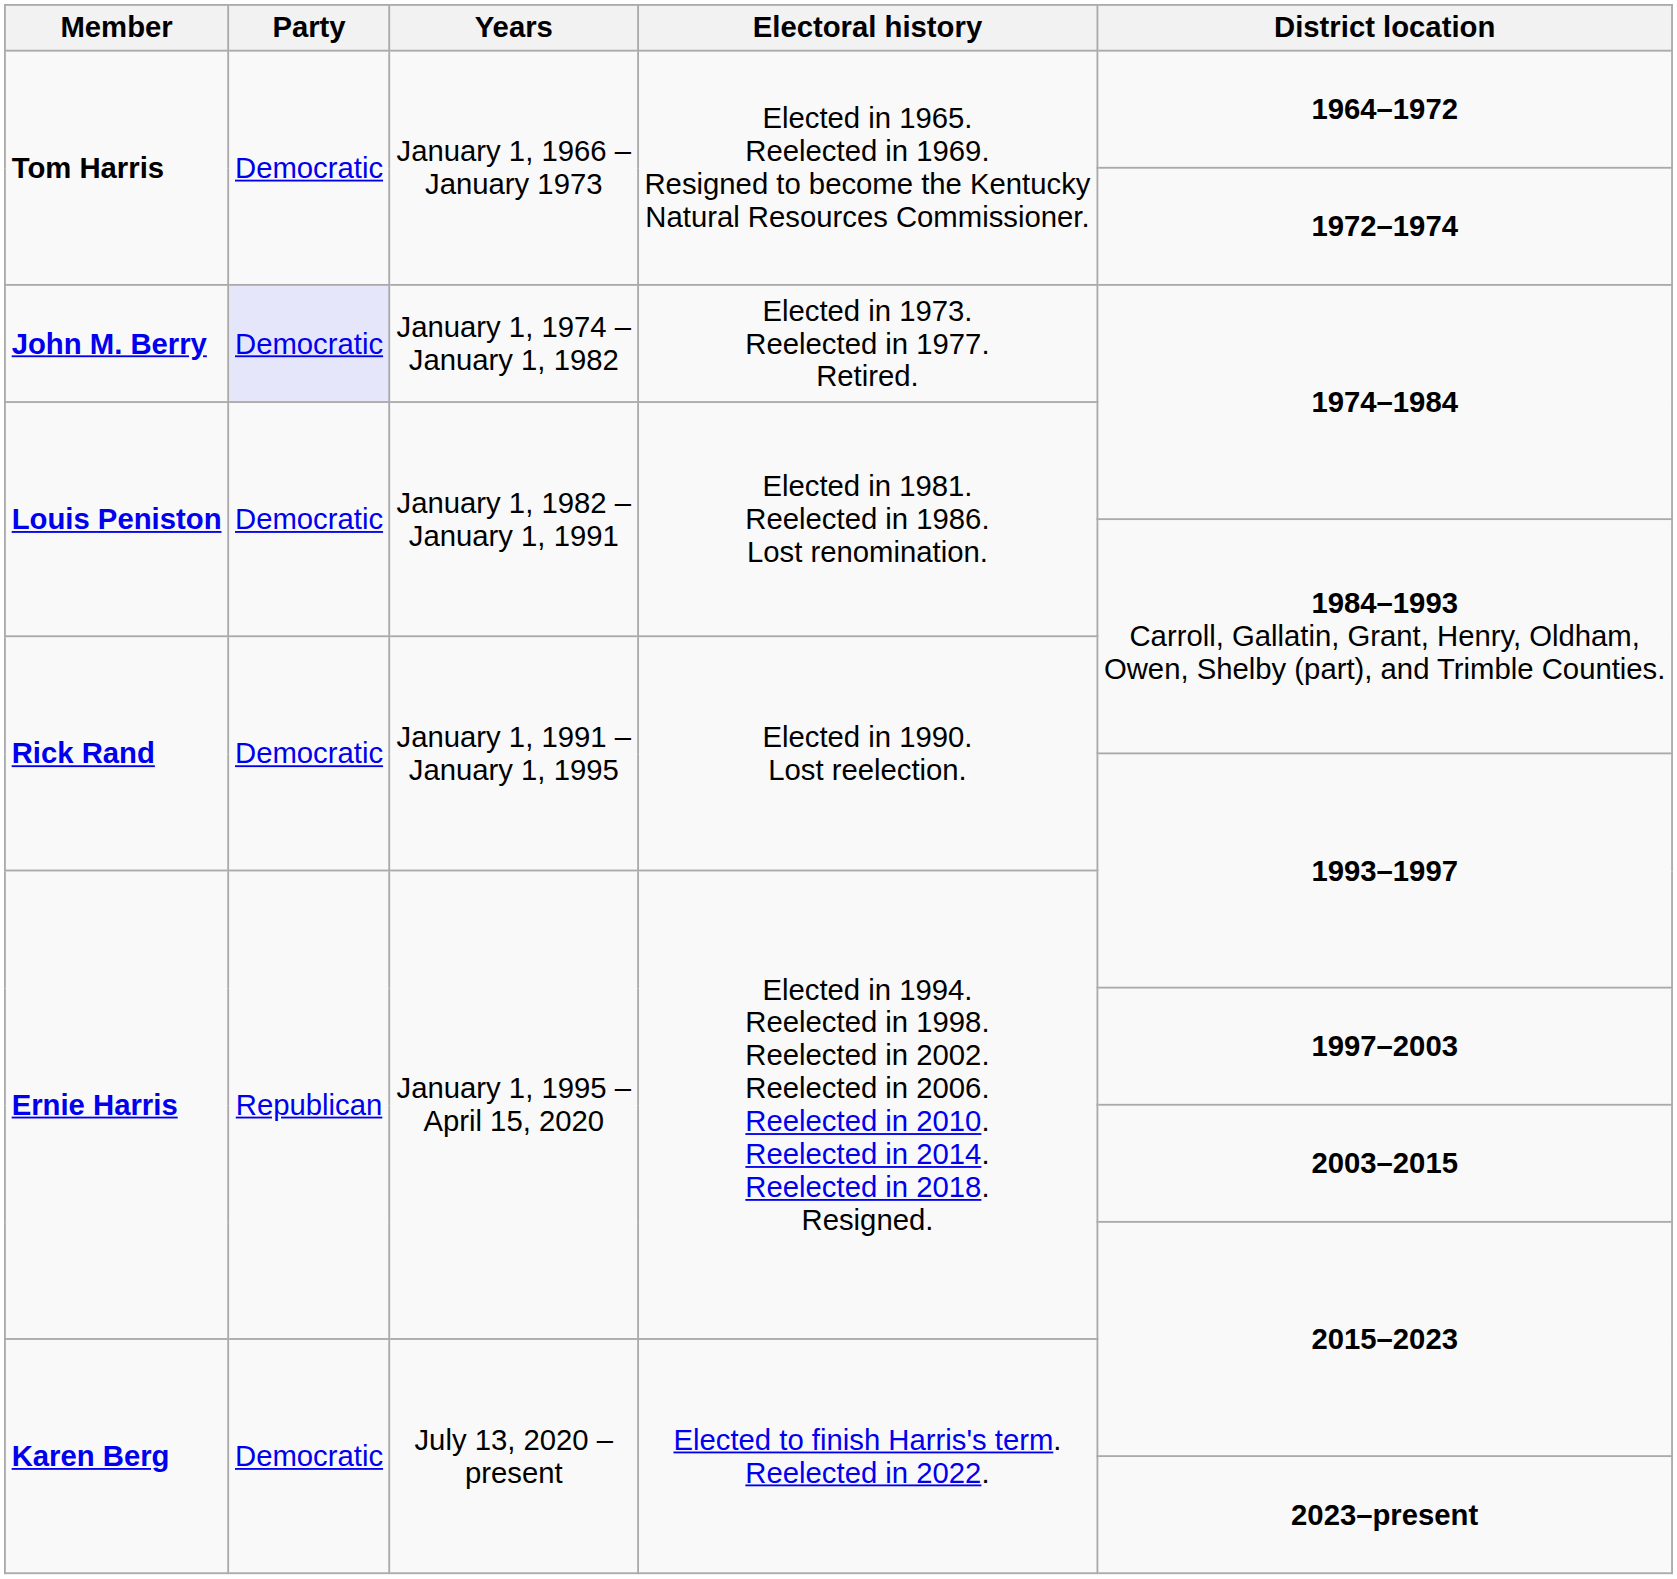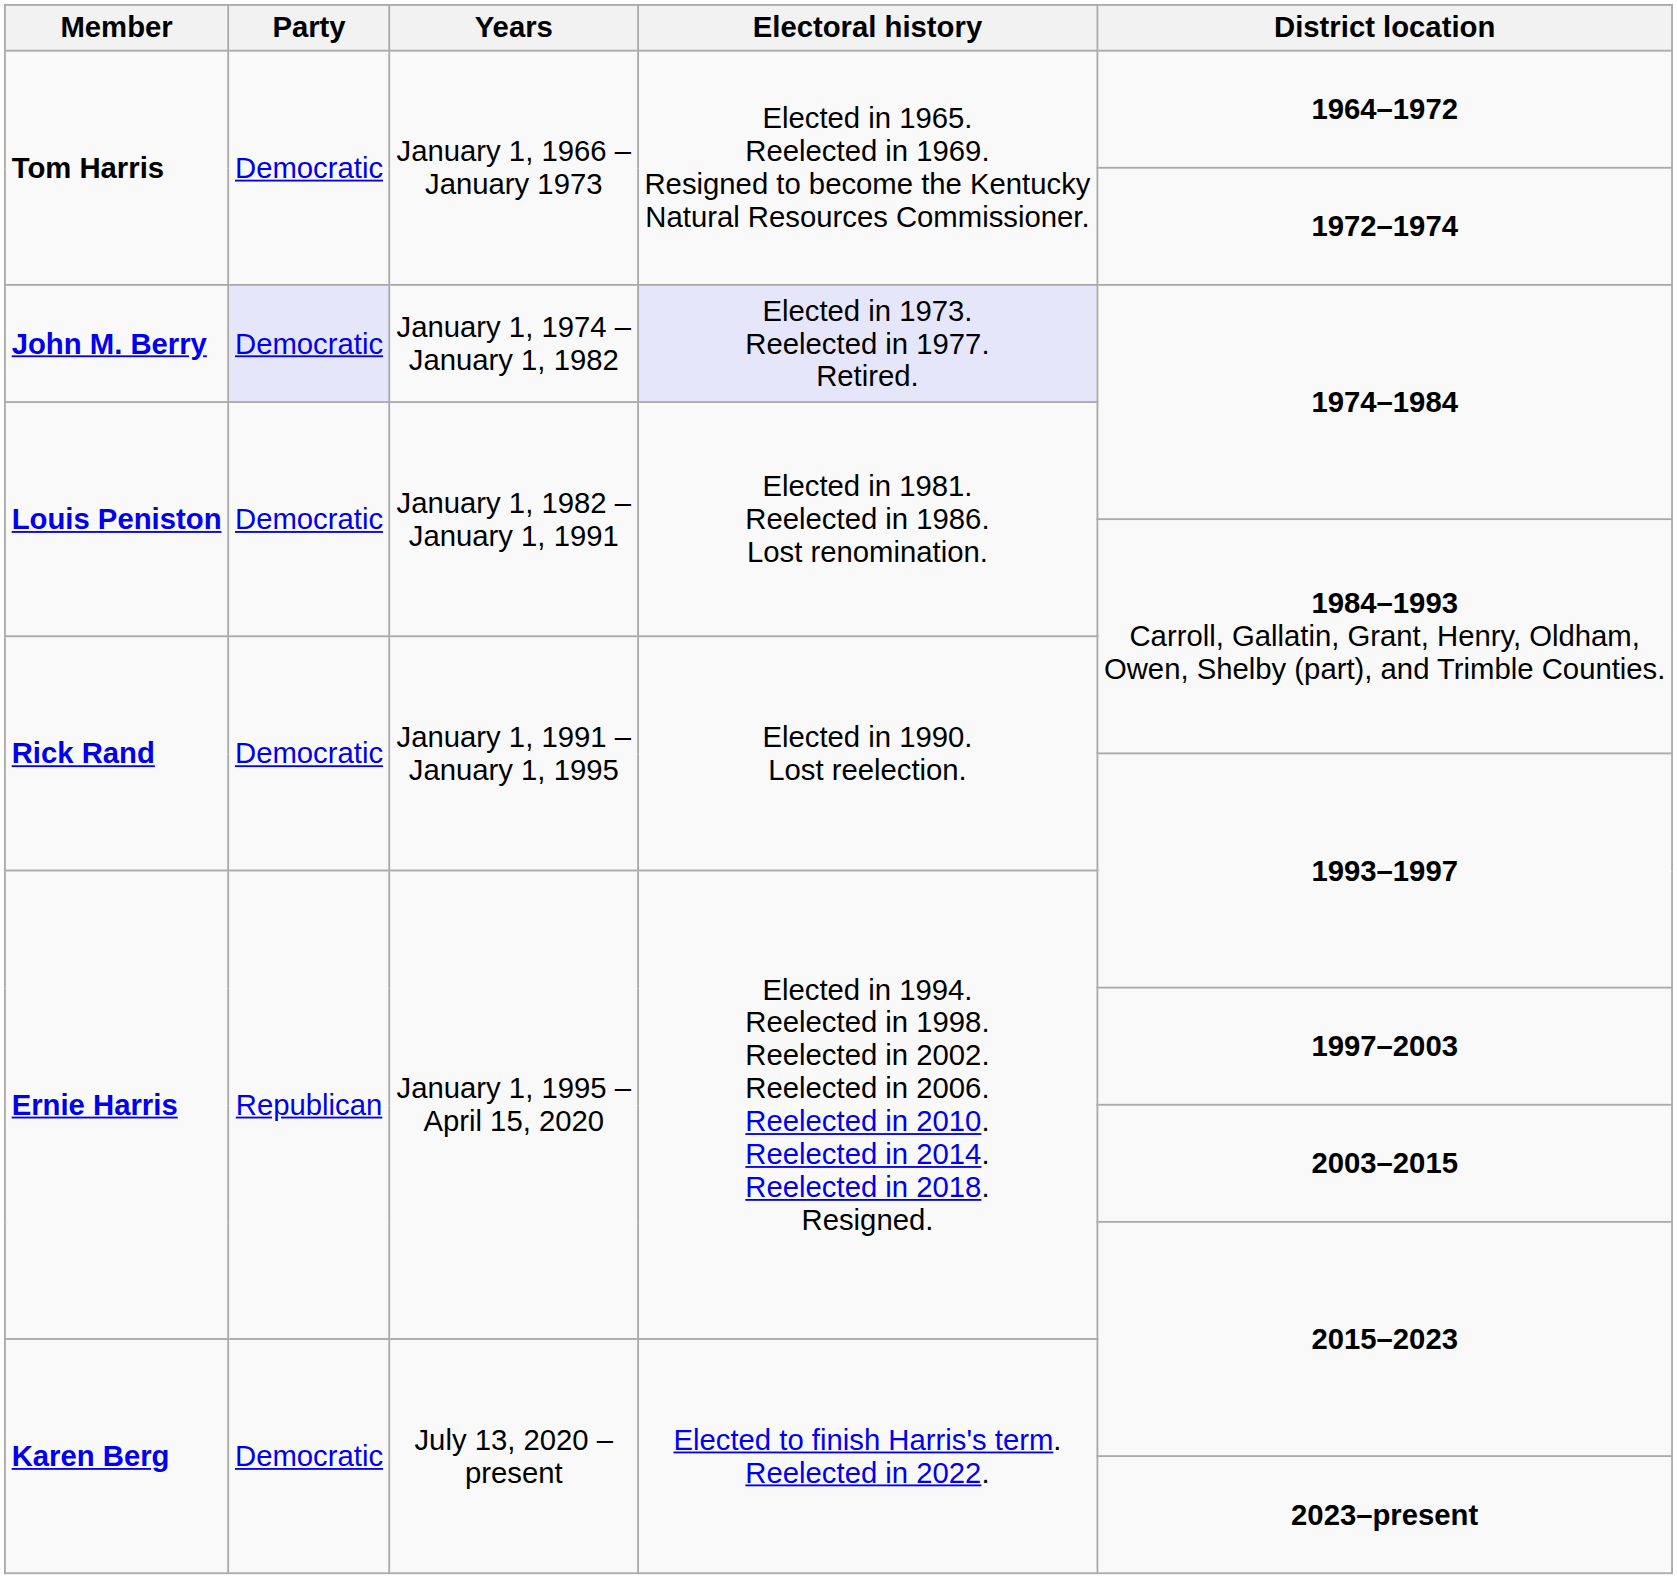 <table class=wikitable style="text-align:center">
 <tr>
 <th>Member</th>
 <th>Party</th>
 <th>Years</th>
 <th>Electoral history</th>
 <th>District location</th>
 </tr>
 <tr style="height:4em">
 <td rowspan=2 align=left><strong>Tom Harris</strong><br></td>
 <td rowspan=2 ><a href='#'>Democratic</a></td>
 <td rowspan=2 nowrap>January 1, 1966 –<br>January 1973</td>
 <td rowspan=2>Elected in 1965.<br>Reelected in 1969.<br>Resigned to become the Kentucky<br>Natural Resources Commissioner.</td>
 <td><strong>1964–1972</strong><br></td>
 </tr>
 <tr style="height:4em">
 <td><strong>1972–1974</strong><br></td>
 </tr>
 <tr style="height:4em">
 <td align=left><strong><a href='#'>John M. Berry</a></strong><br></td>
 <td style="background: lavender;"><a href='#'>Democratic</a></td>
 <td nowrap>January 1, 1974 –<br>January 1, 1982</td>
-<td>Elected in 1973.<br>Reelected in 1977.<br>Retired.</td>
+<td style="background: lavender;">Elected in 1973.<br>Reelected in 1977.<br>Retired.</td>
 <td rowspan=2><strong>1974–1984</strong><br></td>
 </tr>
 <tr style="height:4em">
 <td rowspan=2 align=left><strong><a href='#'>Louis Peniston</a></strong><br></td>
 <td rowspan=2 ><a href='#'>Democratic</a></td>
 <td rowspan=2 nowrap>January 1, 1982 –<br>January 1, 1991</td>
 <td rowspan=2>Elected in 1981.<br>Reelected in 1986.<br>Lost renomination.</td>
 </tr>
 <tr style="height:4em">
 <td rowspan=2><strong>1984–1993</strong><br>Carroll, Gallatin, Grant, Henry, Oldham,<br>Owen, Shelby (part), and Trimble Counties.</td>
 </tr>
 <tr style="height:4em">
 <td rowspan=2 align=left><strong><a href='#'>Rick Rand</a></strong><br></td>
 <td rowspan=2 ><a href='#'>Democratic</a></td>
 <td rowspan=2 nowrap>January 1, 1991 –<br>January 1, 1995</td>
 <td rowspan=2>Elected in 1990.<br>Lost reelection.</td>
 </tr>
 <tr style="height:4em">
 <td rowspan=2><strong>1993–1997</strong><br></td>
 </tr>
 <tr style="height:4em">
 <td rowspan=4 align=left><strong><a href='#'>Ernie Harris</a></strong><br></td>
 <td rowspan=4 ><a href='#'>Republican</a></td>
 <td rowspan=4 nowrap>January 1, 1995 –<br>April 15, 2020</td>
 <td rowspan=4>Elected in 1994.<br>Reelected in 1998.<br>Reelected in 2002.<br>Reelected in 2006.<br><a href='#'>Reelected in 2010</a>.<br><a href='#'>Reelected in 2014</a>.<br><a href='#'>Reelected in 2018</a>.<br>Resigned.</td>
 </tr>
 <tr style="height:4em">
 <td><strong>1997–2003</strong><br></td>
 </tr>
 <tr style="height:4em">
 <td><strong>2003–2015</strong><br></td>
 </tr>
 <tr style="height:4em">
 <td rowspan=2><strong>2015–2023</strong><br></td>
 </tr>
 <tr style="height:4em">
 <td rowspan=2 align=left><strong><a href='#'>Karen Berg</a></strong><br></td>
 <td rowspan=2 ><a href='#'>Democratic</a></td>
 <td rowspan=2 nowrap>July 13, 2020 –<br>present</td>
 <td rowspan=2><a href='#'>Elected to finish Harris's term</a>.<br><a href='#'>Reelected in 2022</a>.</td>
 </tr>
 <tr style="height:4em">
 <td><strong>2023–present</strong><br></td>
 </tr>
 </table>
